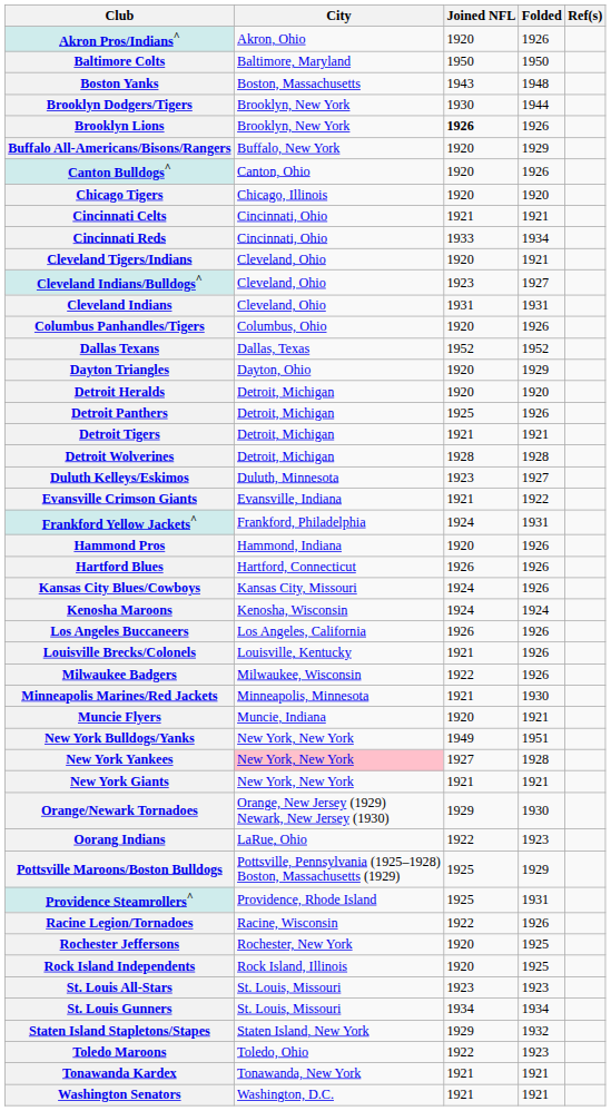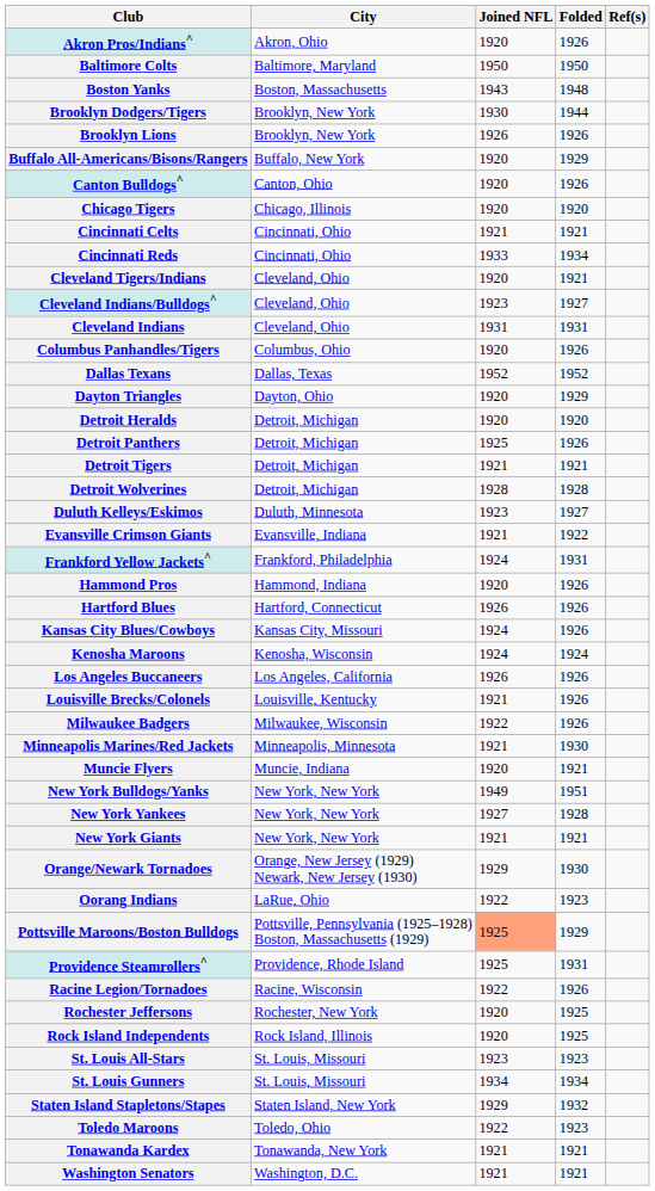 <table class="wikitable plainrowheaders sortable">
 <tr>
 <th scope="col">Club</th>
 <th scope="col">City</th>
 <th scope="col">Joined NFL</th>
 <th scope="col">Folded</th>
 <th scope="col" class=unsortable>Ref(s)</th>
 </tr>
 <tr>
 <th scope="row" style="background-color:#cfecec;"><a href='#'>Akron Pros/Indians</a><sup>^</sup></th>
 <td><a href='#'>Akron, Ohio</a></td>
 <td>1920</td>
 <td>1926</td>
 <td></td>
 </tr>
 <tr>
 <th scope="row"><a href='#'>Baltimore Colts</a></th>
 <td><a href='#'>Baltimore, Maryland</a></td>
 <td>1950</td>
 <td>1950</td>
 <td></td>
 </tr>
 <tr>
 <th scope="row"><a href='#'>Boston Yanks</a></th>
 <td><a href='#'>Boston, Massachusetts</a></td>
 <td>1943</td>
 <td>1948</td>
 <td></td>
 </tr>
 <tr>
 <th scope="row"><a href='#'>Brooklyn Dodgers/Tigers</a></th>
 <td><a href='#'>Brooklyn, New York</a></td>
 <td>1930</td>
 <td>1944</td>
 <td></td>
 </tr>
 <tr>
 <th scope="row"><a href='#'>Brooklyn Lions</a></th>
 <td><a href='#'>Brooklyn, New York</a></td>
-<td><strong>1926</strong></td>
+<td>1926</td>
 <td>1926</td>
 <td></td>
 </tr>
 <tr>
 <th scope="row"><a href='#'>Buffalo All-Americans/Bisons/Rangers</a></th>
 <td><a href='#'>Buffalo, New York</a></td>
 <td>1920</td>
 <td>1929</td>
 <td></td>
 </tr>
 <tr>
 <th scope="row" style="background-color:#cfecec;"><a href='#'>Canton Bulldogs</a><sup>^</sup></th>
 <td><a href='#'>Canton, Ohio</a></td>
 <td>1920</td>
 <td>1926</td>
 <td></td>
 </tr>
 <tr>
 <th scope="row"><a href='#'>Chicago Tigers</a></th>
 <td><a href='#'>Chicago, Illinois</a></td>
 <td>1920</td>
 <td>1920</td>
 <td></td>
 </tr>
 <tr>
 <th scope="row"><a href='#'>Cincinnati Celts</a></th>
 <td><a href='#'>Cincinnati, Ohio</a></td>
 <td>1921</td>
 <td>1921</td>
 <td></td>
 </tr>
 <tr>
 <th scope="row"><a href='#'>Cincinnati Reds</a></th>
 <td><a href='#'>Cincinnati, Ohio</a></td>
 <td>1933</td>
 <td datasortvalue="1934.1">1934</td>
 <td></td>
 </tr>
 <tr>
 <th scope="row"><a href='#'>Cleveland Tigers/Indians</a></th>
 <td><a href='#'>Cleveland, Ohio</a></td>
 <td>1920</td>
 <td>1921</td>
 <td></td>
 </tr>
 <tr>
 <th scope="row" style="background-color:#cfecec;"><a href='#'>Cleveland Indians/Bulldogs</a><sup>^</sup></th>
 <td><a href='#'>Cleveland, Ohio</a></td>
 <td>1923</td>
 <td>1927</td>
 <td></td>
 </tr>
 <tr>
 <th scope="row"><a href='#'>Cleveland Indians</a></th>
 <td><a href='#'>Cleveland, Ohio</a></td>
 <td>1931</td>
 <td>1931</td>
 <td></td>
 </tr>
 <tr>
 <th scope="row"><a href='#'>Columbus Panhandles/Tigers</a></th>
 <td><a href='#'>Columbus, Ohio</a></td>
 <td>1920</td>
 <td>1926</td>
 <td></td>
 </tr>
 <tr>
 <th scope="row"><a href='#'>Dallas Texans</a></th>
 <td><a href='#'>Dallas, Texas</a></td>
 <td>1952</td>
 <td>1952</td>
 <td></td>
 </tr>
 <tr>
 <th scope="row"><a href='#'>Dayton Triangles</a></th>
 <td><a href='#'>Dayton, Ohio</a></td>
 <td>1920</td>
 <td>1929</td>
 <td></td>
 </tr>
 <tr>
 <th scope="row"><a href='#'>Detroit Heralds</a></th>
 <td><a href='#'>Detroit, Michigan</a></td>
 <td>1920</td>
 <td>1920</td>
 <td></td>
 </tr>
 <tr>
 <th scope="row"><a href='#'>Detroit Panthers</a></th>
 <td><a href='#'>Detroit, Michigan</a></td>
 <td>1925</td>
 <td>1926</td>
 <td></td>
 </tr>
 <tr>
 <th scope="row"><a href='#'>Detroit Tigers</a></th>
 <td><a href='#'>Detroit, Michigan</a></td>
 <td>1921</td>
 <td>1921</td>
 <td></td>
 </tr>
 <tr>
 <th scope="row"><a href='#'>Detroit Wolverines</a></th>
 <td><a href='#'>Detroit, Michigan</a></td>
 <td>1928</td>
 <td>1928</td>
 <td></td>
 </tr>
 <tr>
 <th scope="row"><a href='#'>Duluth Kelleys/Eskimos</a></th>
 <td><a href='#'>Duluth, Minnesota</a></td>
 <td>1923</td>
 <td>1927</td>
 <td></td>
 </tr>
 <tr>
 <th scope="row"><a href='#'>Evansville Crimson Giants</a></th>
 <td><a href='#'>Evansville, Indiana</a></td>
 <td>1921</td>
 <td>1922</td>
 <td></td>
 </tr>
 <tr>
 <th scope="row" style="background-color:#cfecec;"><a href='#'>Frankford Yellow Jackets</a><sup>^</sup></th>
 <td><a href='#'>Frankford, Philadelphia</a></td>
 <td>1924</td>
 <td>1931</td>
 <td></td>
 </tr>
 <tr>
 <th scope="row"><a href='#'>Hammond Pros</a></th>
 <td><a href='#'>Hammond, Indiana</a></td>
 <td>1920</td>
 <td>1926</td>
 <td></td>
 </tr>
 <tr>
 <th scope="row"><a href='#'>Hartford Blues</a></th>
 <td><a href='#'>Hartford, Connecticut</a></td>
 <td>1926</td>
 <td>1926</td>
 <td></td>
 </tr>
 <tr>
 <th scope="row"><a href='#'>Kansas City Blues/Cowboys</a></th>
 <td><a href='#'>Kansas City, Missouri</a></td>
 <td>1924</td>
 <td>1926</td>
 <td></td>
 </tr>
 <tr>
 <th scope="row"><a href='#'>Kenosha Maroons</a></th>
 <td><a href='#'>Kenosha, Wisconsin</a></td>
 <td>1924</td>
 <td>1924</td>
 <td></td>
 </tr>
 <tr>
 <th scope="row"><a href='#'>Los Angeles Buccaneers</a></th>
 <td><a href='#'>Los Angeles, California</a></td>
 <td>1926</td>
 <td>1926</td>
 <td></td>
 </tr>
 <tr>
 <th scope="row"><a href='#'>Louisville Brecks/Colonels</a></th>
 <td><a href='#'>Louisville, Kentucky</a></td>
 <td>1921</td>
 <td>1926</td>
 <td></td>
 </tr>
 <tr>
 <th scope="row"><a href='#'>Milwaukee Badgers</a></th>
 <td><a href='#'>Milwaukee, Wisconsin</a></td>
 <td>1922</td>
 <td>1926</td>
 <td></td>
 </tr>
 <tr>
 <th scope="row"><a href='#'>Minneapolis Marines/Red Jackets</a></th>
 <td><a href='#'>Minneapolis, Minnesota</a></td>
 <td>1921</td>
 <td>1930</td>
 <td></td>
 </tr>
 <tr>
 <th scope="row"><a href='#'>Muncie Flyers</a></th>
 <td><a href='#'>Muncie, Indiana</a></td>
 <td>1920</td>
 <td>1921</td>
 <td></td>
 </tr>
 <tr>
 <th scope="row"><a href='#'>New York Bulldogs/Yanks</a></th>
 <td><a href='#'>New York, New York</a></td>
 <td>1949</td>
 <td>1951</td>
 <td></td>
 </tr>
 <tr>
 <th scope="row"><a href='#'>New York Yankees</a></th>
-<td style="background: pink;"><a href='#'>New York, New York</a></td>
+<td><a href='#'>New York, New York</a></td>
 <td>1927</td>
 <td>1928</td>
 <td></td>
 </tr>
 <tr>
 <th scope="row"><a href='#'>New York Giants</a></th>
 <td><a href='#'>New York, New York</a></td>
 <td>1921</td>
 <td>1921</td>
 <td></td>
 </tr>
 <tr>
 <th scope="row"><a href='#'>Orange/Newark Tornadoes</a></th>
 <td><a href='#'>Orange, New Jersey</a> (1929)<br><a href='#'>Newark, New Jersey</a> (1930)</td>
 <td>1929</td>
 <td>1930</td>
 <td></td>
 </tr>
 <tr>
 <th scope="row"><a href='#'>Oorang Indians</a></th>
 <td><a href='#'>LaRue, Ohio</a></td>
 <td>1922</td>
 <td>1923</td>
 <td></td>
 </tr>
 <tr>
 <th scope="row"><a href='#'>Pottsville Maroons/Boston Bulldogs</a></th>
 <td><a href='#'>Pottsville, Pennsylvania</a> (1925–1928)<br><a href='#'>Boston, Massachusetts</a> (1929)</td>
-<td>1925</td>
+<td style="background: lightsalmon;">1925</td>
 <td>1929</td>
 <td></td>
 </tr>
 <tr>
 <th scope="row" style="background-color:#cfecec;"><a href='#'>Providence Steamrollers</a><sup>^</sup></th>
 <td><a href='#'>Providence, Rhode Island</a></td>
 <td>1925</td>
 <td>1931</td>
 <td></td>
 </tr>
 <tr>
 <th scope="row"><a href='#'>Racine Legion/Tornadoes</a></th>
 <td><a href='#'>Racine, Wisconsin</a></td>
 <td>1922</td>
 <td>1926</td>
 <td></td>
 </tr>
 <tr>
 <th scope="row"><a href='#'>Rochester Jeffersons</a></th>
 <td><a href='#'>Rochester, New York</a></td>
 <td>1920</td>
 <td>1925</td>
 <td></td>
 </tr>
 <tr>
 <th scope="row"><a href='#'>Rock Island Independents</a></th>
 <td><a href='#'>Rock Island, Illinois</a></td>
 <td>1920</td>
 <td>1925</td>
 <td></td>
 </tr>
 <tr>
 <th scope="row"><a href='#'>St. Louis All-Stars</a></th>
 <td><a href='#'>St. Louis, Missouri</a></td>
 <td>1923</td>
 <td>1923</td>
 <td></td>
 </tr>
 <tr>
 <th scope="row"><a href='#'>St. Louis Gunners</a></th>
 <td><a href='#'>St. Louis, Missouri</a></td>
 <td>1934</td>
 <td datasortvalue="1934.2">1934</td>
 <td></td>
 </tr>
 <tr>
 <th scope="row"><a href='#'>Staten Island Stapletons/Stapes</a></th>
 <td><a href='#'>Staten Island, New York</a></td>
 <td>1929</td>
 <td>1932</td>
 <td></td>
 </tr>
 <tr>
 <th scope="row"><a href='#'>Toledo Maroons</a></th>
 <td><a href='#'>Toledo, Ohio</a></td>
 <td>1922</td>
 <td>1923</td>
 <td></td>
 </tr>
 <tr>
 <th scope="row"><a href='#'>Tonawanda Kardex</a></th>
 <td><a href='#'>Tonawanda, New York</a></td>
 <td>1921</td>
 <td>1921</td>
 <td></td>
 </tr>
 <tr>
 <th scope="row"><a href='#'>Washington Senators</a></th>
 <td><a href='#'>Washington, D.C.</a></td>
 <td>1921</td>
 <td>1921</td>
 <td></td>
 </tr>
 </table>
